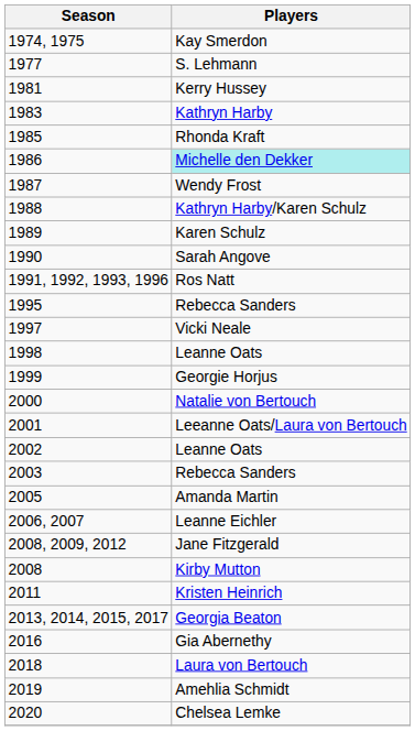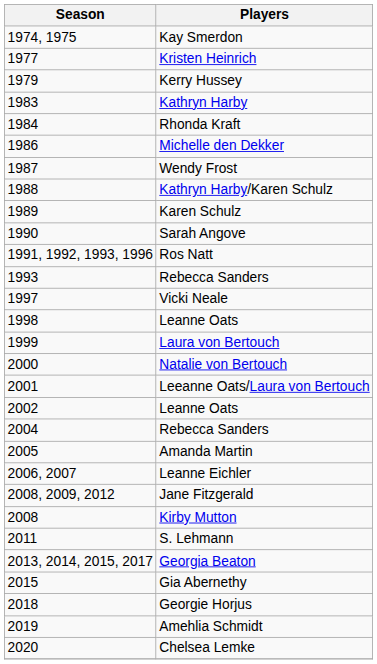 <table class="wikitable collapsible">
 <tr>
 <th>Season</th>
 <th>Players</th>
 </tr>
 <tr>
 <td>1974, 1975</td>
 <td>Kay Smerdon</td>
 </tr>
 <tr>
 <td>1977</td>
-<td>S. Lehmann</td>
+<td><a href='#'>Kristen Heinrich</a></td>
 </tr>
 <tr>
-<td>1981</td>
+<td>1979</td>
 <td>Kerry Hussey</td>
 </tr>
 <tr>
 <td>1983</td>
 <td><a href='#'>Kathryn Harby</a></td>
 </tr>
 <tr>
-<td>1985</td>
+<td>1984</td>
 <td>Rhonda Kraft</td>
 </tr>
 <tr>
 <td>1986</td>
-<td style="background: paleturquoise;"><a href='#'>Michelle den Dekker</a></td>
+<td><a href='#'>Michelle den Dekker</a></td>
 </tr>
 <tr>
 <td>1987</td>
 <td>Wendy Frost</td>
 </tr>
 <tr>
 <td>1988</td>
 <td><a href='#'>Kathryn Harby</a>/Karen Schulz</td>
 </tr>
 <tr>
 <td>1989</td>
 <td>Karen Schulz</td>
 </tr>
 <tr>
 <td>1990</td>
 <td>Sarah Angove</td>
 </tr>
 <tr>
 <td>1991, 1992, 1993, 1996</td>
 <td>Ros Natt</td>
 </tr>
 <tr>
-<td>1995</td>
+<td>1993</td>
 <td>Rebecca Sanders</td>
 </tr>
 <tr>
 <td>1997</td>
 <td>Vicki Neale</td>
 </tr>
 <tr>
 <td>1998</td>
 <td>Leanne Oats</td>
 </tr>
 <tr>
 <td>1999</td>
-<td>Georgie Horjus</td>
+<td><a href='#'>Laura von Bertouch</a></td>
 </tr>
 <tr>
 <td>2000</td>
 <td><a href='#'>Natalie von Bertouch</a></td>
 </tr>
 <tr>
 <td>2001</td>
 <td>Leeanne Oats/<a href='#'>Laura von Bertouch</a></td>
 </tr>
 <tr>
 <td>2002</td>
 <td>Leanne Oats</td>
 </tr>
 <tr>
-<td>2003</td>
+<td>2004</td>
 <td>Rebecca Sanders</td>
 </tr>
 <tr>
 <td>2005</td>
 <td>Amanda Martin</td>
 </tr>
 <tr>
 <td>2006, 2007</td>
 <td>Leanne Eichler</td>
 </tr>
 <tr>
 <td>2008, 2009, 2012</td>
 <td>Jane Fitzgerald</td>
 </tr>
 <tr>
 <td>2008</td>
 <td><a href='#'>Kirby Mutton</a></td>
 </tr>
 <tr>
 <td>2011</td>
-<td><a href='#'>Kristen Heinrich</a></td>
+<td>S. Lehmann</td>
 </tr>
 <tr>
 <td>2013, 2014, 2015, 2017</td>
 <td><a href='#'>Georgia Beaton</a></td>
 </tr>
 <tr>
-<td>2016</td>
+<td>2015</td>
 <td>Gia Abernethy</td>
 </tr>
 <tr>
 <td>2018</td>
-<td><a href='#'>Laura von Bertouch</a></td>
+<td>Georgie Horjus</td>
 </tr>
 <tr>
 <td>2019</td>
 <td>Amehlia Schmidt</td>
 </tr>
 <tr>
 <td>2020</td>
 <td>Chelsea Lemke</td>
 </tr>
 <tr>
 </tr>
 </table>
